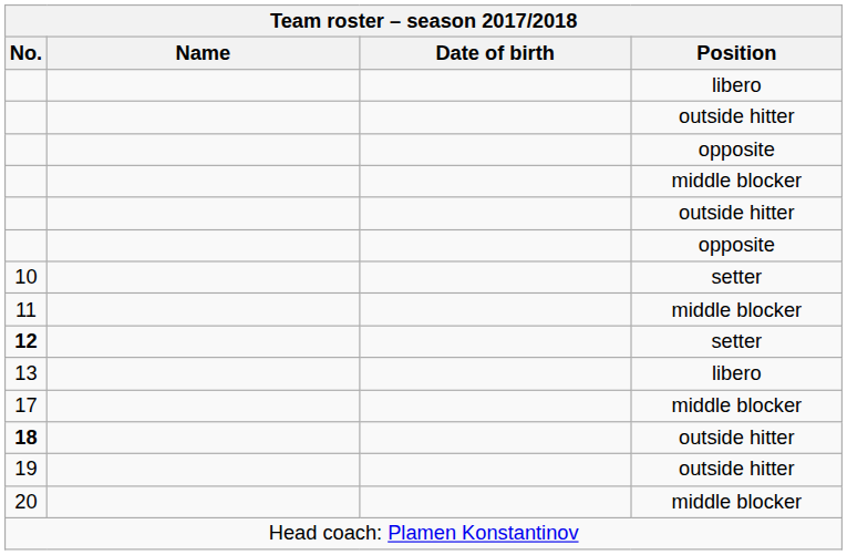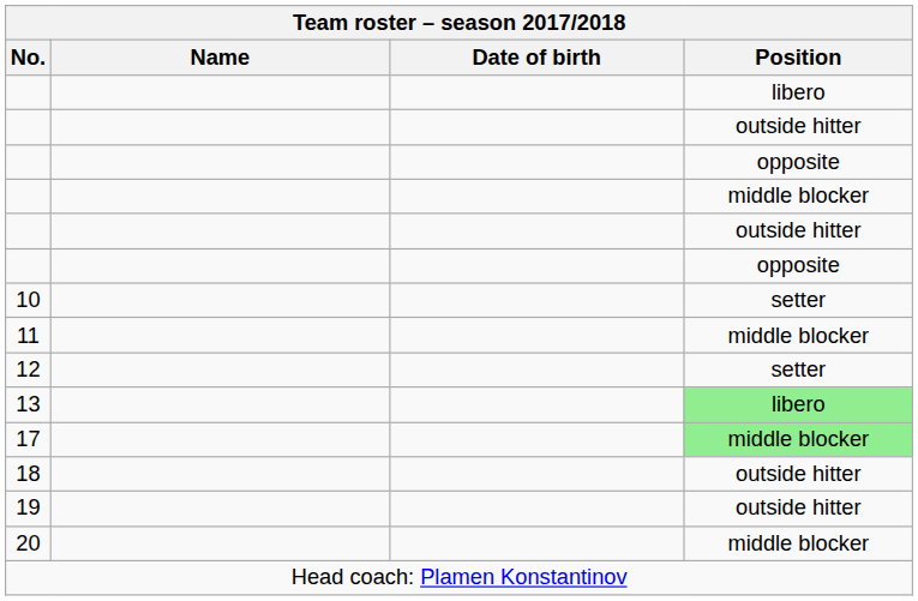 <table class="wikitable collapsible collapsed sortable" style="font-size:100%; text-align:center;">
 <tr>
 <th colspan=6>Team roster – season 2017/2018</th>
 </tr>
 <tr>
 <th>No.</th>
 <th style="width:15em">Name</th>
 <th style="width:13em">Date of birth</th>
 <th style="width:10em">Position</th>
 </tr>
 <tr>
 <td></td>
 <td align=left> </td>
 <td align=right></td>
 <td>libero</td>
 </tr>
 <tr>
 <td></td>
 <td align=left> </td>
 <td align=right></td>
 <td>outside hitter</td>
 </tr>
 <tr>
 <td></td>
 <td align=left> </td>
 <td align=right></td>
 <td>opposite</td>
 </tr>
 <tr>
 <td></td>
 <td align=left> </td>
 <td align=right></td>
 <td>middle blocker</td>
 </tr>
 <tr>
 <td></td>
 <td align=left> </td>
 <td align=right></td>
 <td>outside hitter</td>
 </tr>
 <tr>
 <td></td>
 <td align=left> </td>
 <td align=right></td>
 <td>opposite</td>
 </tr>
 <tr>
 <td>10</td>
 <td align=left> </td>
 <td align=right></td>
 <td>setter</td>
 </tr>
 <tr>
 <td>11</td>
 <td align=left> </td>
 <td align=right></td>
 <td>middle blocker</td>
 </tr>
 <tr>
-<td><strong>12</strong></td>
+<td>12</td>
 <td align=left> </td>
 <td align=right></td>
 <td>setter</td>
 </tr>
 <tr>
 <td>13</td>
 <td align=left> </td>
 <td align=right></td>
-<td>libero</td>
+<td style="background: lightgreen;">libero</td>
 </tr>
 <tr>
 <td>17</td>
 <td align=left> </td>
 <td align=right></td>
-<td>middle blocker</td>
+<td style="background: lightgreen;">middle blocker</td>
 </tr>
 <tr>
-<td><strong>18</strong></td>
+<td>18</td>
 <td align=left> </td>
 <td align=right></td>
 <td>outside hitter</td>
 </tr>
 <tr>
 <td>19</td>
 <td align=left> </td>
 <td align=right></td>
 <td>outside hitter</td>
 </tr>
 <tr>
 <td>20</td>
 <td align=left> </td>
 <td align=right></td>
 <td>middle blocker</td>
 </tr>
 <tr>
 <td colspan=4>Head coach:  <a href='#'>Plamen Konstantinov</a></td>
 </tr>
 </table>
